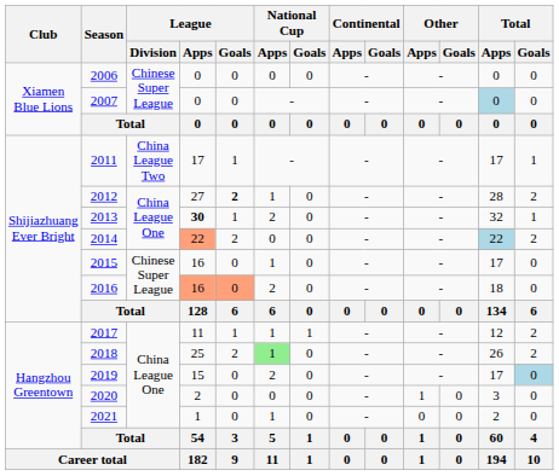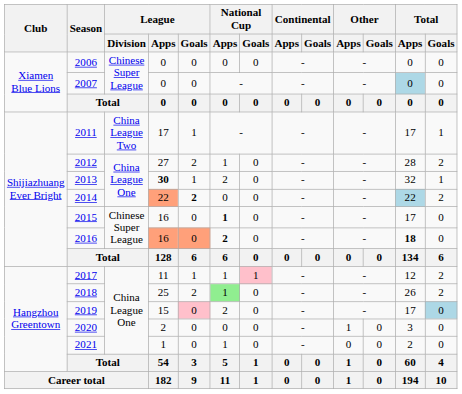 <table class="wikitable" style="text-align: center">
 <tr>
 <th rowspan="2">Club</th>
 <th rowspan="2">Season</th>
 <th colspan="3">League</th>
 <th colspan="2">National Cup</th>
 <th colspan="2">Continental</th>
 <th colspan="2">Other</th>
 <th colspan="2">Total</th>
 </tr>
 <tr>
 <th>Division</th>
 <th>Apps</th>
 <th>Goals</th>
 <th>Apps</th>
 <th>Goals</th>
 <th>Apps</th>
 <th>Goals</th>
 <th>Apps</th>
 <th>Goals</th>
 <th>Apps</th>
 <th>Goals</th>
 </tr>
 <tr>
 <td rowspan=3><a href='#'>Xiamen Blue Lions</a></td>
 <td><a href='#'>2006</a></td>
 <td rowspan="2"><a href='#'>Chinese Super League</a></td>
 <td>0</td>
 <td>0</td>
 <td>0</td>
 <td>0</td>
 <td colspan="2">-</td>
 <td colspan="2">-</td>
 <td>0</td>
 <td>0</td>
 </tr>
 <tr>
 <td><a href='#'>2007</a></td>
 <td>0</td>
 <td>0</td>
 <td colspan="2">-</td>
 <td colspan="2">-</td>
 <td colspan="2">-</td>
 <td style="background: lightblue;">0</td>
 <td>0</td>
 </tr>
 <tr>
 <th colspan=2>Total</th>
 <th>0</th>
 <th>0</th>
 <th>0</th>
 <th>0</th>
 <th>0</th>
 <th>0</th>
 <th>0</th>
 <th>0</th>
 <th>0</th>
 <th>0</th>
 </tr>
 <tr>
 <td rowspan=7><a href='#'>Shijiazhuang Ever Bright</a></td>
 <td><a href='#'>2011</a></td>
 <td><a href='#'>China League Two</a></td>
 <td>17</td>
 <td>1</td>
 <td colspan="2">-</td>
 <td colspan="2">-</td>
 <td colspan="2">-</td>
 <td>17</td>
 <td>1</td>
 </tr>
 <tr>
 <td><a href='#'>2012</a></td>
 <td rowspan="3"><a href='#'>China League One</a></td>
 <td>27</td>
-<td><strong>2</strong></td>
+<td>2</td>
 <td>1</td>
 <td>0</td>
 <td colspan="2">-</td>
 <td colspan="2">-</td>
 <td>28</td>
 <td>2</td>
 </tr>
 <tr>
 <td><a href='#'>2013</a></td>
 <td><strong>30</strong></td>
 <td>1</td>
 <td>2</td>
 <td>0</td>
 <td colspan="2">-</td>
 <td colspan="2">-</td>
 <td>32</td>
 <td>1</td>
 </tr>
 <tr>
 <td><a href='#'>2014</a></td>
 <td style="background: lightsalmon;">22</td>
-<td>2</td>
+<td><strong>2</strong></td>
 <td>0</td>
 <td>0</td>
 <td colspan="2">-</td>
 <td colspan="2">-</td>
 <td style="background: lightblue;">22</td>
 <td>2</td>
 </tr>
 <tr>
 <td><a href='#'>2015</a></td>
 <td rowspan="2">Chinese Super League</td>
 <td>16</td>
 <td>0</td>
-<td>1</td>
+<td><strong>1</strong></td>
 <td>0</td>
 <td colspan="2">-</td>
 <td colspan="2">-</td>
 <td>17</td>
 <td>0</td>
 </tr>
 <tr>
 <td><a href='#'>2016</a></td>
 <td style="background: lightsalmon;">16</td>
 <td style="background: lightsalmon;">0</td>
-<td>2</td>
+<td><strong>2</strong></td>
 <td>0</td>
 <td colspan="2">-</td>
 <td colspan="2">-</td>
-<td>18</td>
+<td><strong>18</strong></td>
 <td>0</td>
 </tr>
 <tr>
 <th colspan=2>Total</th>
 <th>128</th>
 <th>6</th>
 <th>6</th>
 <th>0</th>
 <th>0</th>
 <th>0</th>
 <th>0</th>
 <th>0</th>
 <th>134</th>
 <th>6</th>
 </tr>
 <tr>
 <td rowspan=6><a href='#'>Hangzhou Greentown</a></td>
 <td><a href='#'>2017</a></td>
 <td rowspan=5>China League One</td>
 <td>11</td>
 <td>1</td>
 <td>1</td>
-<td>1</td>
+<td style="background: pink;">1</td>
 <td colspan="2">-</td>
 <td colspan="2">-</td>
 <td>12</td>
 <td>2</td>
 </tr>
 <tr>
 <td><a href='#'>2018</a></td>
 <td>25</td>
 <td>2</td>
 <td style="background: lightgreen;">1</td>
 <td>0</td>
 <td colspan="2">-</td>
 <td colspan="2">-</td>
 <td>26</td>
 <td>2</td>
 </tr>
 <tr>
 <td><a href='#'>2019</a></td>
 <td>15</td>
-<td>0</td>
+<td style="background: pink;">0</td>
 <td>2</td>
 <td>0</td>
 <td colspan="2">-</td>
 <td colspan="2">-</td>
 <td>17</td>
 <td style="background: lightblue;">0</td>
 </tr>
 <tr>
 <td><a href='#'>2020</a></td>
 <td>2</td>
 <td>0</td>
 <td>0</td>
 <td>0</td>
 <td colspan="2">-</td>
 <td>1</td>
 <td>0</td>
 <td>3</td>
 <td>0</td>
 </tr>
 <tr>
 <td><a href='#'>2021</a></td>
 <td>1</td>
 <td>0</td>
 <td>1</td>
 <td>0</td>
 <td colspan="2">-</td>
 <td>0</td>
 <td>0</td>
 <td>2</td>
 <td>0</td>
 </tr>
 <tr>
 <th colspan=2>Total</th>
 <th>54</th>
 <th>3</th>
 <th>5</th>
 <th>1</th>
 <th>0</th>
 <th>0</th>
 <th>1</th>
 <th>0</th>
 <th>60</th>
 <th>4</th>
 </tr>
 <tr>
 <th colspan=3>Career total</th>
 <th>182</th>
 <th>9</th>
 <th>11</th>
 <th>1</th>
 <th>0</th>
 <th>0</th>
 <th>1</th>
 <th>0</th>
 <th>194</th>
 <th>10</th>
 </tr>
 </table>
